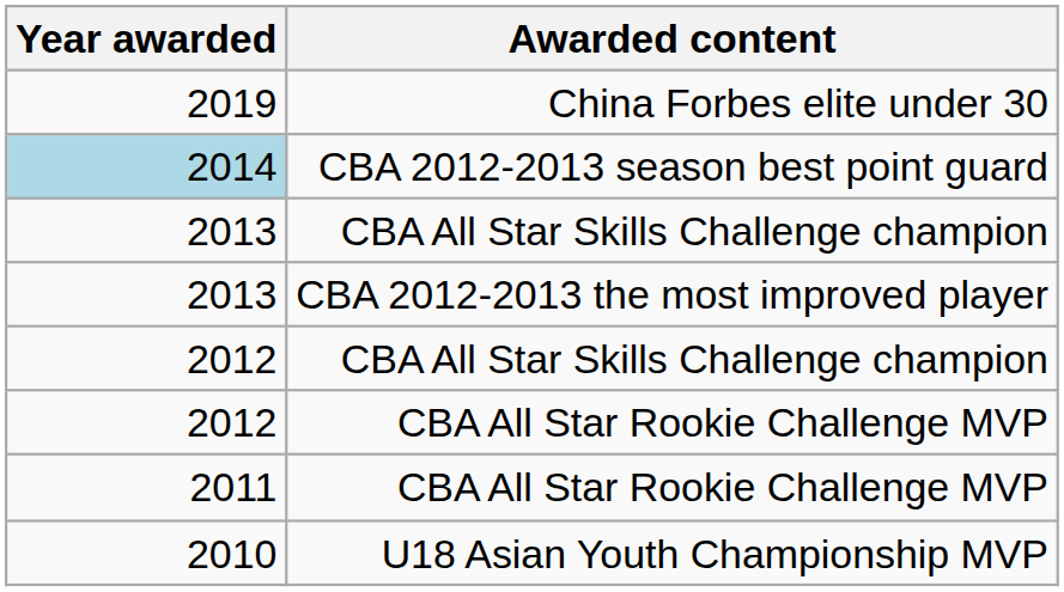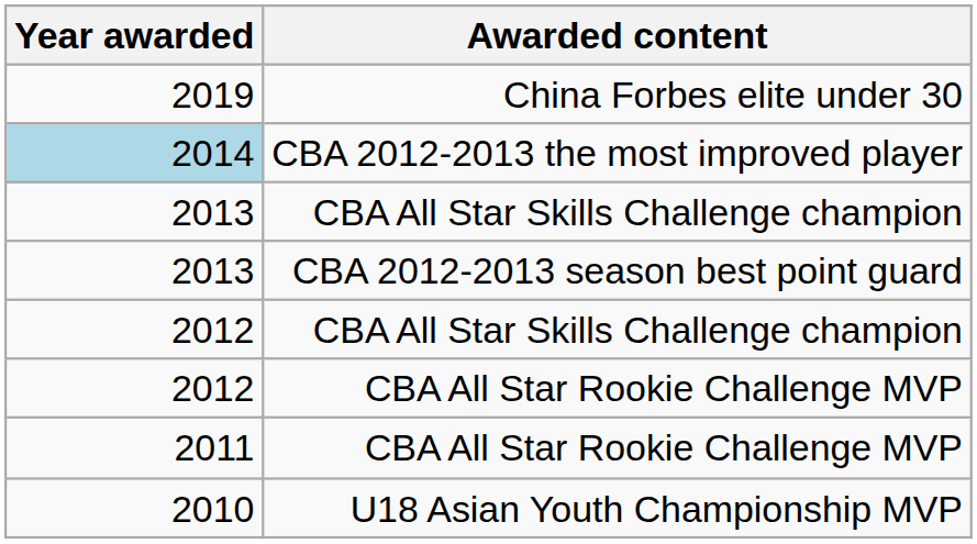 <table class="wikitable sortable" style="font-size:95%; text-align:right">
 <tr>
 <th>Year awarded</th>
 <th>Awarded content</th>
 </tr>
 <tr>
 <td>2019</td>
 <td>China Forbes elite under 30</td>
 </tr>
 <tr>
 <td style="background: lightblue;">2014</td>
-<td>CBA 2012-2013 season best point guard</td>
+<td>CBA 2012-2013 the most improved player</td>
 </tr>
 <tr>
 <td>2013</td>
 <td>CBA All Star Skills Challenge champion</td>
 </tr>
 <tr>
 <td>2013</td>
-<td>CBA 2012-2013 the most improved player</td>
+<td>CBA 2012-2013 season best point guard</td>
 </tr>
 <tr>
 <td>2012</td>
 <td>CBA All Star Skills Challenge champion</td>
 </tr>
 <tr>
 <td>2012</td>
 <td>CBA All Star Rookie Challenge MVP</td>
 </tr>
 <tr>
 <td>2011</td>
 <td>CBA All Star Rookie Challenge MVP</td>
 </tr>
 <tr>
 <td>2010</td>
 <td>U18 Asian Youth Championship MVP</td>
 </tr>
 </table>
